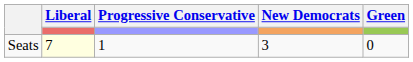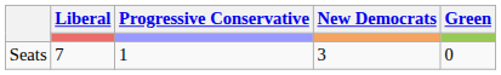 <table class="wikitable">
 <tr style="background-color:#E9E9E9" |>
 <th rowspan="2"></th>
 <th><a href='#'>Liberal</a></th>
 <th><a href='#'>Progressive Conservative</a></th>
 <th><a href='#'>New Democrats</a></th>
 <th><a href='#'>Green</a></th>
 </tr>
 <tr>
 <th style="background-color:#EA6D6A;"></th>
 <th style="background-color:#9999FF;"></th>
 <th style="background-color:#F4A460;"></th>
 <th style="background-color:#99C955;"></th>
 </tr>
 <tr>
 <td>Seats</td>
-<td style="background: lightyellow;">7</td>
+<td>7</td>
 <td>1</td>
 <td>3</td>
 <td>0</td>
 </tr>
 </table>
